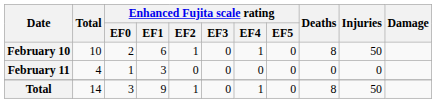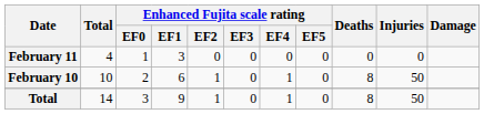 <table class="wikitable sortable" style="margin: 1em auto 1em auto;">
 <tr>
 <th scope="col" rowspan="2">Date</th>
 <th scope="col" rowspan="2" align="center">Total</th>
 <th scope="col" colspan="6" align="center"><a href='#'>Enhanced Fujita scale</a> rating</th>
 <th scope="col" rowspan="2" align="center">Deaths</th>
 <th scope="col" rowspan="2" align="center">Injuries</th>
 <th scope="col" rowspan="2" align="center">Damage</th>
 </tr>
 <tr>
 <th scope="col" align="center"> EF0 </th>
 <th scope="col" align="center"> EF1 </th>
 <th scope="col" align="center"> EF2 </th>
 <th scope="col" align="center"> EF3 </th>
 <th scope="col" align="center"> EF4 </th>
 <th scope="col" align="center"> EF5 </th>
 </tr>
 <tr>
+<th scope="row">February 11</th>
+<td align="right">4</td>
+<td align="right">1</td>
+<td align="right">3</td>
+<td align="right">0</td>
+<td align="right">0</td>
+<td align="right">0</td>
+<td align="right">0</td>
+<td align="right">0</td>
+<td align="right">0</td>
+<td align="right"></td>
+</tr>
+<tr>
 <th scope="row">February 10</th>
 <td align="right">10</td>
 <td align="right">2</td>
 <td align="right">6</td>
 <td align="right">1</td>
 <td align="right">0</td>
 <td align="right">1</td>
 <td align="right">0</td>
 <td align="right">8</td>
 <td align="right">50</td>
-<td align="right"></td>
-</tr>
-<tr>
-<th scope="row">February 11</th>
-<td align="right">4</td>
-<td align="right">1</td>
-<td align="right">3</td>
-<td align="right">0</td>
-<td align="right">0</td>
-<td align="right">0</td>
-<td align="right">0</td>
-<td align="right">0</td>
-<td align="right">0</td>
 <td align="right"></td>
 </tr>
 <tr>
 </tr>
 <tr class="sortbottom">
 <th scope="row">Total</th>
 <td align="right">14</td>
 <td align="right">3</td>
 <td align="right">9</td>
 <td align="right">1</td>
 <td align="right">0</td>
 <td align="right">1</td>
 <td align="right">0</td>
 <td align="right">8</td>
 <td align="right">50</td>
 <td align="right"></td>
 </tr>
 </table>
